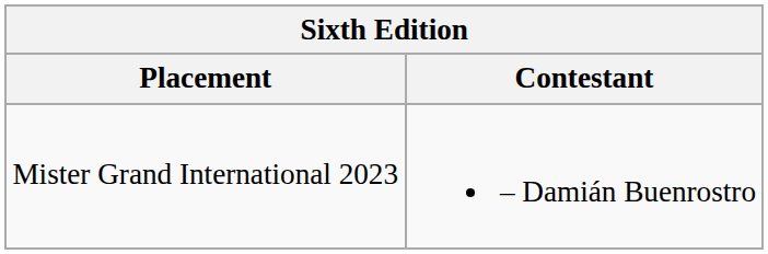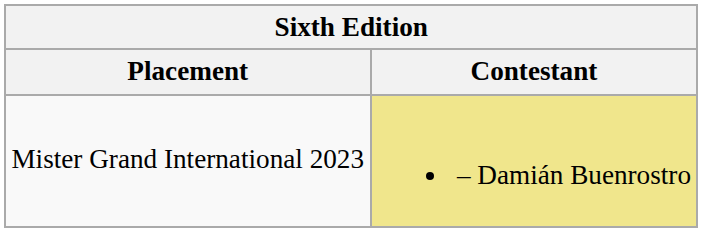 <table class="wikitable sortable" style="font-size: 85%;">
 <tr>
 <th colspan="2">Sixth Edition</th>
 </tr>
 <tr>
 <th>Placement</th>
 <th>Contestant</th>
 </tr>
 <tr>
 <td>Mister Grand International 2023</td>
-<td><br><ul><li> – Damián Buenrostro</li></ul></td>
+<td style="background: khaki;"><br><ul><li> – Damián Buenrostro</li></ul></td>
 </tr>
 </table>
